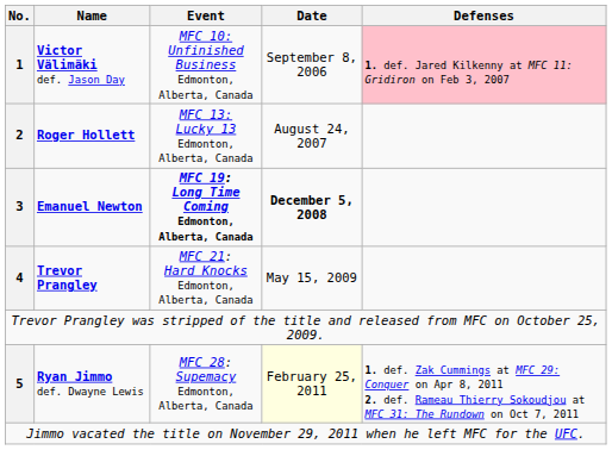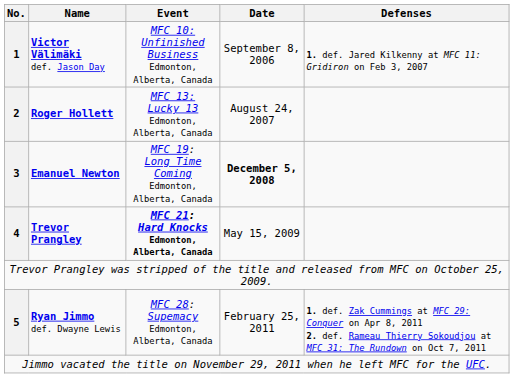 <table class="wikitable" style="width:100%;">
 <tr>
 <th style="width:1%;">No.</th>
 <th style="width:20%;">Name</th>
 <th style="width:19%;">Event</th>
 <th style="width:17%;">Date</th>
 <th style="width:44%;">Defenses</th>
 </tr>
 <tr>
 <th>1</th>
 <td> <strong><a href='#'>Victor Välimäki</a></strong><br><small>def. <a href='#'>Jason Day</a></small></td>
 <td align=center><em><a href='#'>MFC 10:</a></em><br><em><a href='#'>Unfinished Business</a></em><br><small> Edmonton, Alberta, Canada</small></td>
 <td align=center>September 8, 2006</td>
-<td style="background: pink;"><br><small><strong>1.</strong> def. Jared Kilkenny at <em>MFC 11: Gridiron</em> on Feb 3, 2007</small></td>
+<td><br><small><strong>1.</strong> def. Jared Kilkenny at <em>MFC 11: Gridiron</em> on Feb 3, 2007</small></td>
 </tr>
 <tr>
 <th>2</th>
 <td> <strong><a href='#'>Roger Hollett</a></strong></td>
 <td align=center><em><a href='#'>MFC 13:</a></em><br><em><a href='#'>Lucky 13</a></em><br><small>  Edmonton, Alberta, Canada</small></td>
 <td align=center>August 24, 2007</td>
 <td></td>
 </tr>
 <tr>
 <th>3</th>
 <td> <strong><a href='#'>Emanuel Newton</a></strong></td>
-<td align=center><strong><em><a href='#'>MFC 19</a>:</em><br><em><a href='#'>Long Time Coming</a></em><br><small>Edmonton, Alberta, Canada</small></strong></td>
+<td align=center><em><a href='#'>MFC 19</a>:</em><br><em><a href='#'>Long Time Coming</a></em><br><small>Edmonton, Alberta, Canada</small></td>
 <td align=center><strong>December 5, 2008</strong></td>
 <td></td>
 </tr>
 <tr>
 <th>4</th>
 <td> <strong><a href='#'>Trevor Prangley</a></strong></td>
-<td align=center><em><a href='#'>MFC 21</a>:</em><br><em><a href='#'>Hard Knocks</a></em><br><small>  Edmonton, Alberta, Canada</small></td>
+<td align=center><strong><em><a href='#'>MFC 21</a>:</em><br><em><a href='#'>Hard Knocks</a></em><br><small>  Edmonton, Alberta, Canada</small></strong></td>
 <td align=center>May 15, 2009</td>
 <td></td>
 </tr>
 <tr>
 <td style="text-align:center;" colspan="5"><em>Trevor Prangley was stripped of the title and released from MFC on October 25, 2009.</em></td>
 </tr>
 <tr>
 <th>5</th>
 <td> <strong><a href='#'>Ryan Jimmo</a></strong><br><small>def. Dwayne Lewis</small></td>
 <td align=center><em><a href='#'>MFC 28</a>:</em><br><em><a href='#'>Supemacy</a></em><br><small> Edmonton, Alberta, Canada</small></td>
-<td align=center style="background: lightyellow;">February 25, 2011</td>
+<td align=center>February 25, 2011</td>
 <td><br><small><strong>1.</strong> def. <a href='#'>Zak Cummings</a> at <em><a href='#'>MFC 29: Conquer</a></em> on Apr 8, 2011<br> <strong>2.</strong> def. <a href='#'>Rameau Thierry Sokoudjou</a> at <em><a href='#'>MFC 31: The Rundown</a></em> on Oct 7, 2011</small></td>
 </tr>
 <tr>
 <td style="text-align:center;" colspan="5"><em>Jimmo vacated the title on November 29, 2011 when he left MFC for the <a href='#'>UFC</a>.</em></td>
 </tr>
 </table>
